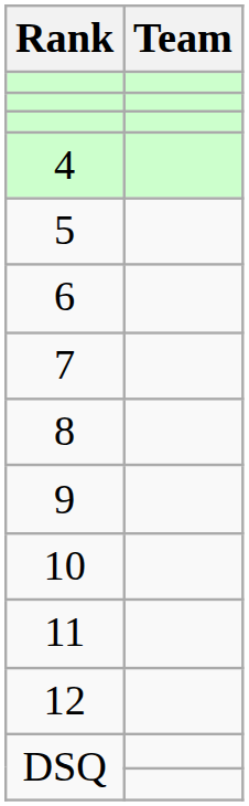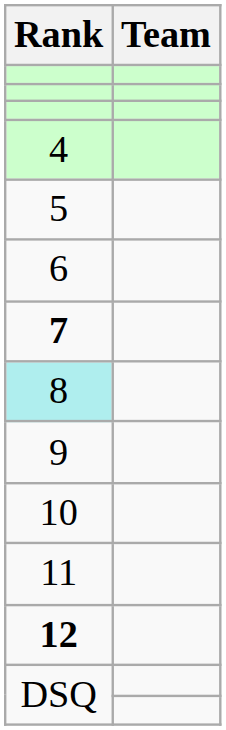 <table class=wikitable style="text-align:center;">
 <tr>
 <th>Rank</th>
 <th>Team</th>
 </tr>
 <tr bgcolor=#CCFFCC>
 <td></td>
 <td align=left></td>
 </tr>
 <tr bgcolor=#CCFFCC>
 <td></td>
 <td align=left></td>
 </tr>
 <tr bgcolor=#CCFFCC>
 <td></td>
 <td align=left></td>
 </tr>
 <tr bgcolor=#CCFFCC>
 <td>4</td>
 <td align=left></td>
 </tr>
 <tr>
 <td>5</td>
 <td align=left></td>
 </tr>
 <tr>
 <td>6</td>
 <td align=left></td>
 </tr>
 <tr>
-<td>7</td>
+<td><strong>7</strong></td>
 <td align=left></td>
 </tr>
 <tr>
-<td>8</td>
+<td style="background: paleturquoise;">8</td>
 <td align=left></td>
 </tr>
 <tr>
 <td>9</td>
 <td align=left></td>
 </tr>
 <tr>
 <td>10</td>
 <td align=left></td>
 </tr>
 <tr>
 <td>11</td>
 <td align=left></td>
 </tr>
 <tr>
-<td>12</td>
+<td><strong>12</strong></td>
 <td align=left></td>
 </tr>
 <tr>
 <td rowspan=2>DSQ</td>
 <td align=left></td>
 </tr>
 <tr>
 <td align=left></td>
 </tr>
 </table>
